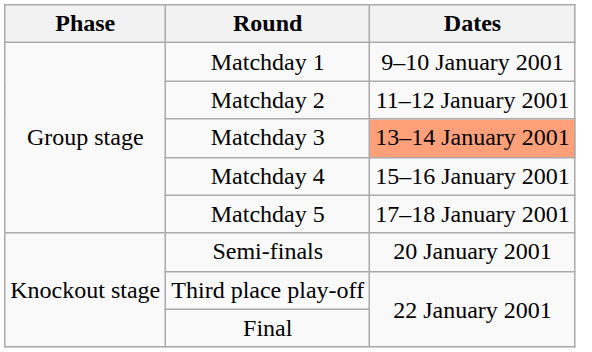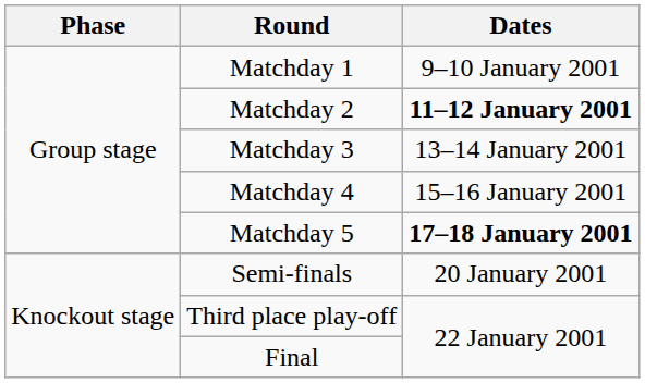 <table class="wikitable" style="text-align:center">
 <tr>
 <th>Phase</th>
 <th>Round</th>
 <th>Dates</th>
 </tr>
 <tr>
 <td rowspan="5">Group stage</td>
 <td>Matchday 1</td>
 <td>9–10 January 2001</td>
 </tr>
 <tr>
 <td>Matchday 2</td>
-<td>11–12 January 2001</td>
+<td><strong>11–12 January 2001</strong></td>
 </tr>
 <tr>
 <td>Matchday 3</td>
-<td style="background: lightsalmon;">13–14 January 2001</td>
+<td>13–14 January 2001</td>
 </tr>
 <tr>
 <td>Matchday 4</td>
 <td>15–16 January 2001</td>
 </tr>
 <tr>
 <td>Matchday 5</td>
-<td>17–18 January 2001</td>
+<td><strong>17–18 January 2001</strong></td>
 </tr>
 <tr>
 <td rowspan="3">Knockout stage</td>
 <td>Semi-finals</td>
 <td>20 January 2001</td>
 </tr>
 <tr>
 <td>Third place play-off</td>
 <td rowspan="2">22 January 2001</td>
 </tr>
 <tr>
 <td>Final</td>
 </tr>
 </table>
